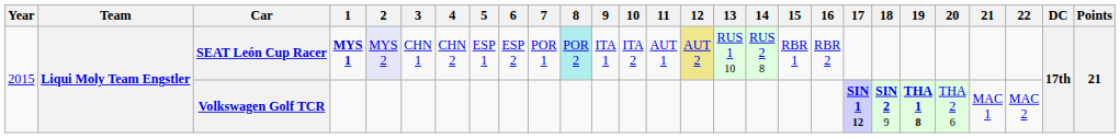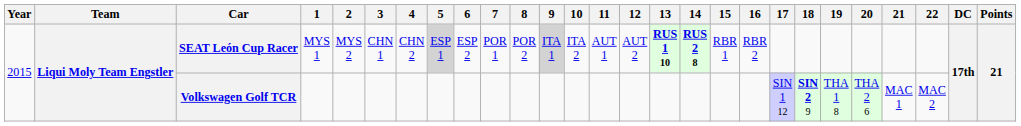 <table class="wikitable" style="text-align:center; font-size:85%">
 <tr>
 <th>Year</th>
 <th>Team</th>
 <th>Car</th>
 <th>1</th>
 <th>2</th>
 <th>3</th>
 <th>4</th>
 <th>5</th>
 <th>6</th>
 <th>7</th>
 <th>8</th>
 <th>9</th>
 <th>10</th>
 <th>11</th>
 <th>12</th>
 <th>13</th>
 <th>14</th>
 <th>15</th>
 <th>16</th>
 <th>17</th>
 <th>18</th>
 <th>19</th>
 <th>20</th>
 <th>21</th>
 <th>22</th>
 <th>DC</th>
 <th>Points</th>
 </tr>
 <tr>
 <td rowspan=2><a href='#'>2015</a></td>
 <th rowspan=2><a href='#'>Liqui Moly Team Engstler</a></th>
 <th><a href='#'>SEAT León Cup Racer</a></th>
-<td><strong><a href='#'>MYS<br>1</a></strong></td>
-<td style="background: lavender;"><a href='#'>MYS<br>2</a></td>
+<td><a href='#'>MYS<br>1</a></td>
+<td><a href='#'>MYS<br>2</a></td>
 <td><a href='#'>CHN<br>1</a></td>
 <td><a href='#'>CHN<br>2</a></td>
-<td><a href='#'>ESP<br>1</a></td>
+<td style="background: lightgrey;"><a href='#'>ESP<br>1</a></td>
 <td><a href='#'>ESP<br>2</a></td>
 <td><a href='#'>POR<br>1</a></td>
-<td style="background: paleturquoise;"><a href='#'>POR<br>2</a></td>
-<td><a href='#'>ITA<br>1</a></td>
+<td><a href='#'>POR<br>2</a></td>
+<td style="background: lightgrey;"><a href='#'>ITA<br>1</a></td>
 <td><a href='#'>ITA<br>2</a></td>
 <td><a href='#'>AUT<br>1</a></td>
-<td style="background: khaki;"><a href='#'>AUT<br>2</a></td>
-<td style="background:#DFFFDF;"><a href='#'>RUS<br>1</a><br><small>10</small></td>
-<td style="background:#DFFFDF;"><a href='#'>RUS<br>2</a><br><small>8</small></td>
+<td><a href='#'>AUT<br>2</a></td>
+<td style="background:#DFFFDF;"><strong><a href='#'>RUS<br>1</a><br><small>10</small></strong></td>
+<td style="background:#DFFFDF;"><strong><a href='#'>RUS<br>2</a><br><small>8</small></strong></td>
 <td style="background:#;"><a href='#'>RBR<br>1</a><br><small></small></td>
 <td style="background:#;"><a href='#'>RBR<br>2</a><br><small></small></td>
 <td></td>
 <td></td>
 <td></td>
 <td></td>
 <td></td>
 <td></td>
 <th rowspan=2>17th</th>
 <th rowspan=2>21</th>
 </tr>
 <tr>
 <th><a href='#'>Volkswagen Golf TCR</a></th>
 <td></td>
 <td></td>
 <td></td>
 <td></td>
 <td></td>
 <td></td>
 <td></td>
 <td></td>
 <td></td>
 <td></td>
 <td></td>
 <td></td>
 <td></td>
 <td></td>
 <td></td>
 <td></td>
-<td style="background:#CFCFFF;"><strong><a href='#'>SIN<br>1</a><br><small>12</small></strong></td>
+<td style="background:#CFCFFF;"><a href='#'>SIN<br>1</a><br><small>12</small></td>
 <td style="background:#DFFFDF;"><strong><a href='#'>SIN<br>2</a></strong><br><small>9</small></td>
-<td style="background:#DFFFDF;"><strong><a href='#'>THA<br>1</a><br><small>8</small></strong></td>
+<td style="background:#DFFFDF;"><a href='#'>THA<br>1</a><br><small>8</small></td>
 <td style="background:#DFFFDF;"><a href='#'>THA<br>2</a><br><small>6</small></td>
 <td style="background:#;"><a href='#'>MAC<br>1</a><br><small></small></td>
 <td style="background:#;"><a href='#'>MAC<br>2</a><br><small></small></td>
 </tr>
 </table>
